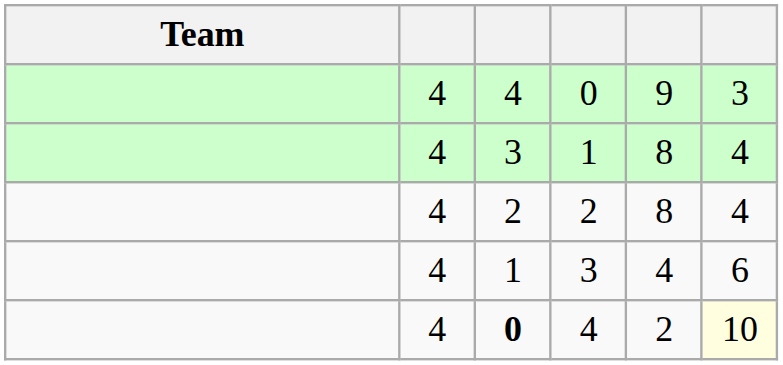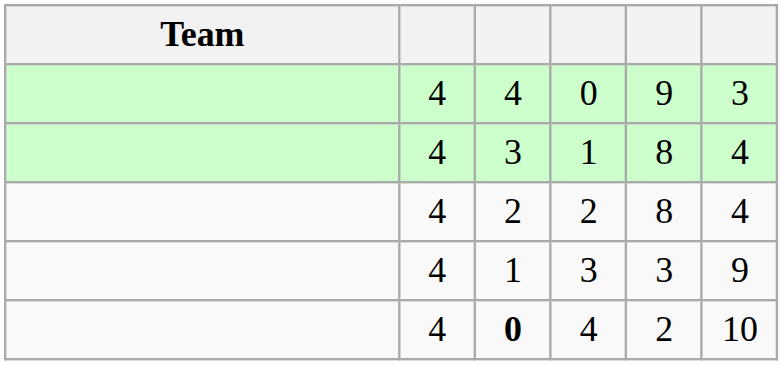 <table class="wikitable" style="text-align: center; font-size:95% ">
 <tr>
 <th width=160>Team</th>
 <th width=25></th>
 <th width=25></th>
 <th width=25></th>
 <th width=25></th>
 <th width=25></th>
 </tr>
 <tr bgcolor=ccffcc>
 <td align=left></td>
 <td>4</td>
 <td>4</td>
 <td>0</td>
 <td>9</td>
 <td>3</td>
 </tr>
 <tr bgcolor=ccffcc>
 <td align=left></td>
 <td>4</td>
 <td>3</td>
 <td>1</td>
 <td>8</td>
 <td>4</td>
 </tr>
 <tr>
 <td align=left></td>
 <td>4</td>
 <td>2</td>
 <td>2</td>
 <td>8</td>
 <td>4</td>
 </tr>
 <tr>
 <td align=left></td>
 <td>4</td>
 <td>1</td>
 <td>3</td>
-<td>4</td>
-<td>6</td>
+<td>3</td>
+<td>9</td>
 </tr>
 <tr>
 <td align=left></td>
 <td>4</td>
 <td><strong>0</strong></td>
 <td>4</td>
 <td>2</td>
-<td style="background: lightyellow;">10</td>
+<td>10</td>
 </tr>
 </table>
